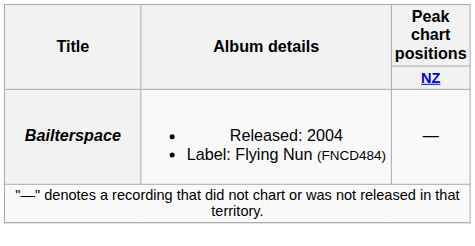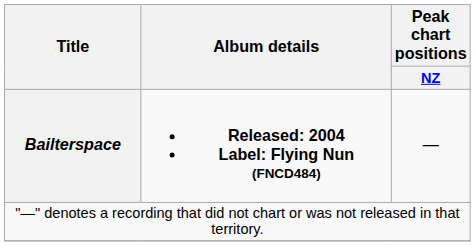 <table class="wikitable plainrowheaders" style="text-align: center;">
 <tr>
 <th scope="col" rowspan="2" style="width:8em;">Title</th>
 <th scope="col" rowspan="2" style="width:15em;">Album details</th>
 <th scope="col" colspan="1">Peak chart positions</th>
 </tr>
 <tr>
 <th scope="col" style="width:3em; font-size:90%;"><a href='#'>NZ</a><br></th>
 </tr>
 <tr>
 <th scope="row"><em>Bailterspace</em></th>
-<td><br><ul><li>Released: 2004</li><li>Label: Flying Nun <small>(FNCD484)</small></li></ul></td>
+<td><strong><br><ul><li>Released: 2004</li><li>Label: Flying Nun <small>(FNCD484)</small></li></ul></strong></td>
 <td>—</td>
 </tr>
 <tr>
 <td colspan="4" style="font-size:90%" align="center">"—" denotes a recording that did not chart or was not released in that territory.</td>
 </tr>
 <tr>
 </tr>
 </table>
